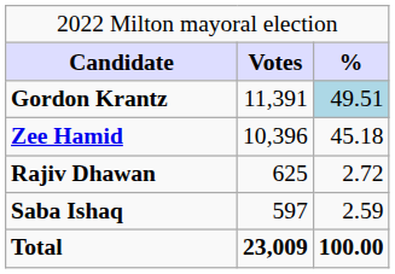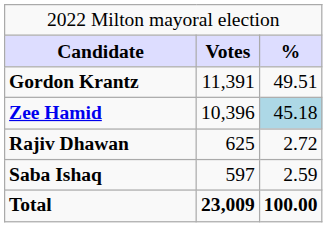 <table class="wikitable sortable">
 <tr>
 <td colspan="3" style="text-align:center;">2022 Milton mayoral election </td>
 </tr>
 <tr>
 <th style="background:#ddf; width:150px;">Candidate</th>
 <th style="background:#ddf;">Votes</th>
 <th style="background:#ddf;">%</th>
 </tr>
 <tr>
 <td><strong>Gordon Krantz</strong></td>
 <td align=right>11,391</td>
-<td style="background: lightblue; text-align:right;">49.51</td>
+<td style="text-align:right;">49.51</td>
 </tr>
 <tr>
 <td><strong><a href='#'>Zee Hamid</a></strong></td>
 <td style="text-align:right;">10,396</td>
-<td style="text-align:right;">45.18</td>
+<td style="background: lightblue; text-align:right;">45.18</td>
 </tr>
 <tr>
 <td><strong>Rajiv Dhawan</strong></td>
 <td align=right>625</td>
 <td style="text-align:right;">2.72</td>
 </tr>
 <tr>
 <td><strong>Saba Ishaq</strong></td>
 <td align=right>597</td>
 <td style="text-align:right;">2.59</td>
 </tr>
 <tr>
 <td><strong>Total</strong></td>
 <td align=right><strong>23,009</strong></td>
 <td style="text-align:right;"><strong>100.00</strong></td>
 </tr>
 </table>
